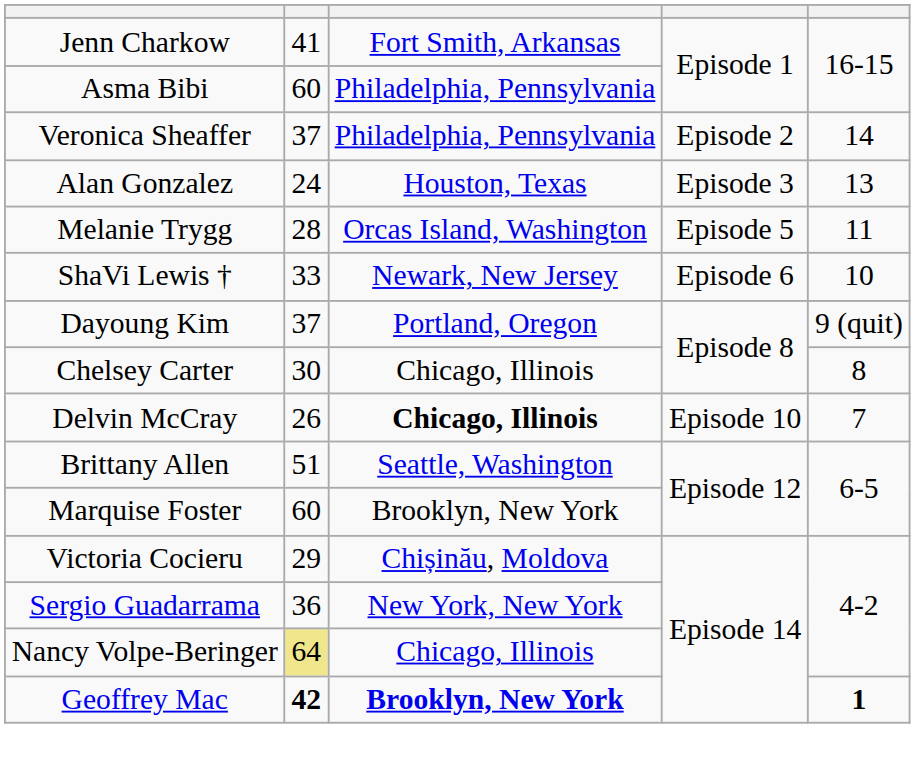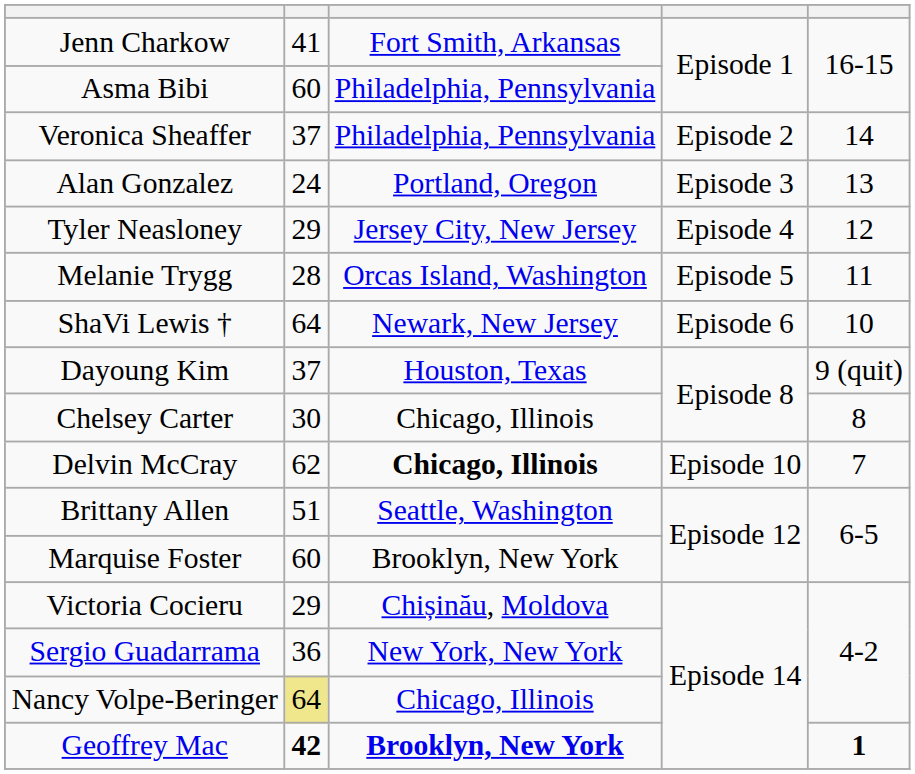 <table class="wikitable sortable" style="text-align:center;">
 <tr>
 <th></th>
 <th></th>
 <th></th>
 <th></th>
 <th></th>
 </tr>
 <tr>
 <td>Jenn Charkow</td>
 <td>41</td>
 <td><a href='#'>Fort Smith, Arkansas</a></td>
 <td rowspan="2">Episode 1</td>
 <td rowspan="2">16-15</td>
 </tr>
 <tr>
 <td>Asma Bibi</td>
 <td>60</td>
 <td><a href='#'>Philadelphia, Pennsylvania</a></td>
 </tr>
 <tr>
 <td>Veronica Sheaffer</td>
 <td>37</td>
 <td><a href='#'>Philadelphia, Pennsylvania</a></td>
 <td>Episode 2</td>
 <td>14</td>
 </tr>
 <tr>
 <td>Alan Gonzalez</td>
 <td>24</td>
-<td><a href='#'>Houston, Texas</a></td>
+<td><a href='#'>Portland, Oregon</a></td>
 <td>Episode 3</td>
 <td>13</td>
+</tr>
+<tr>
+<td>Tyler Neasloney</td>
+<td>29</td>
+<td><a href='#'>Jersey City, New Jersey</a></td>
+<td>Episode 4</td>
+<td>12</td>
 </tr>
 <tr>
 <td>Melanie Trygg</td>
 <td>28</td>
 <td><a href='#'>Orcas Island, Washington</a></td>
 <td>Episode 5</td>
 <td>11</td>
 </tr>
 <tr>
 <td>ShaVi Lewis †</td>
-<td>33</td>
+<td>64</td>
 <td><a href='#'>Newark, New Jersey</a></td>
 <td>Episode 6</td>
 <td>10</td>
 </tr>
 <tr>
 <td>Dayoung Kim</td>
 <td>37</td>
-<td><a href='#'>Portland, Oregon</a></td>
+<td><a href='#'>Houston, Texas</a></td>
 <td rowspan="2">Episode 8</td>
 <td>9 (quit)</td>
 </tr>
 <tr>
 <td>Chelsey Carter</td>
 <td>30</td>
 <td>Chicago, Illinois</td>
 <td>8</td>
 </tr>
 <tr>
 <td>Delvin McCray</td>
-<td>26</td>
+<td>62</td>
 <td><strong>Chicago, Illinois</strong></td>
 <td>Episode 10</td>
 <td>7</td>
 </tr>
 <tr>
 <td>Brittany Allen</td>
 <td>51</td>
 <td><a href='#'>Seattle, Washington</a></td>
 <td rowspan="2">Episode 12</td>
 <td rowspan="2">6-5</td>
 </tr>
 <tr>
 <td>Marquise Foster</td>
 <td>60</td>
 <td>Brooklyn, New York</td>
 </tr>
 <tr>
 <td>Victoria Cocieru</td>
 <td>29</td>
 <td><a href='#'>Chișinău</a>, <a href='#'>Moldova</a></td>
 <td rowspan="4">Episode 14</td>
 <td rowspan="3">4-2</td>
 </tr>
 <tr>
 <td><a href='#'>Sergio Guadarrama</a></td>
 <td>36</td>
 <td><a href='#'>New York, New York</a></td>
 </tr>
 <tr>
 <td>Nancy Volpe-Beringer</td>
 <td style="background: khaki;">64</td>
 <td><a href='#'>Chicago, Illinois</a></td>
 </tr>
 <tr>
 <td><a href='#'>Geoffrey Mac</a></td>
 <td><strong>42</strong></td>
 <td><strong><a href='#'>Brooklyn, New York</a>	</strong></td>
 <td><strong>1</strong></td>
 </tr>
 </table>
